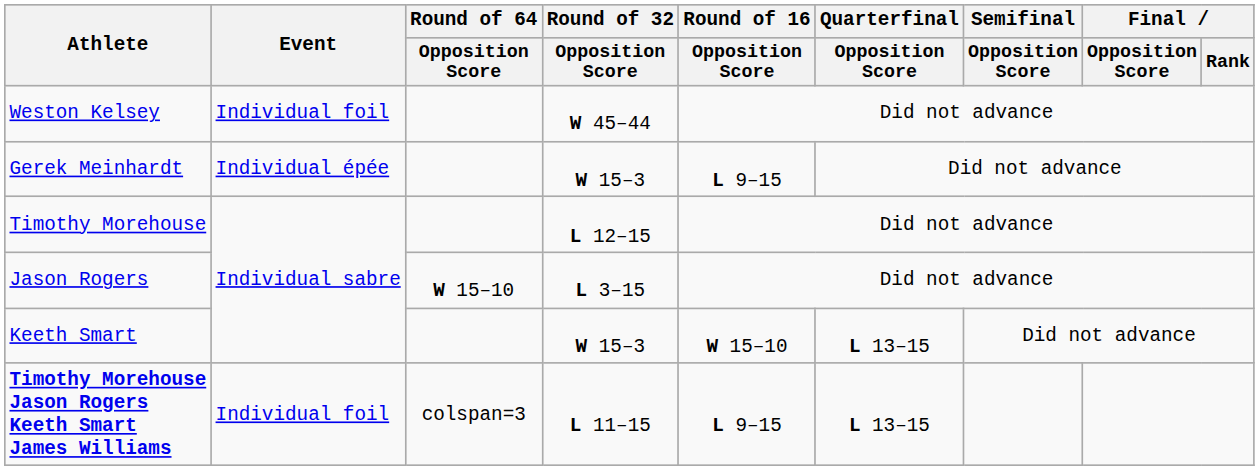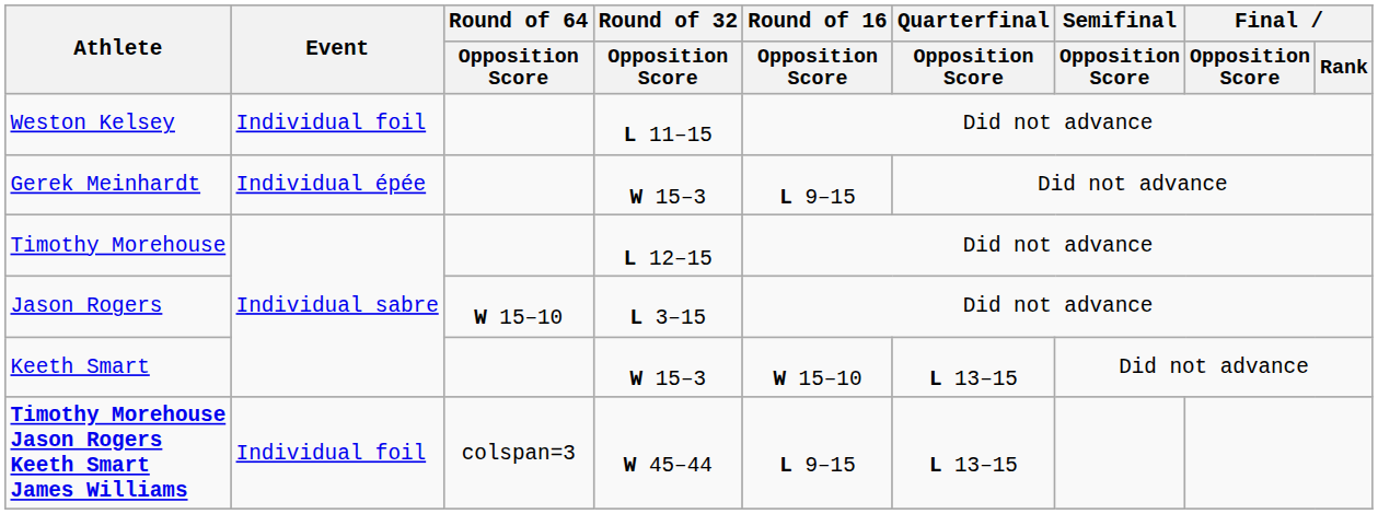 <table class=wikitable style=font-size:90%;text-align:center>
 <tr>
 <th rowspan=2>Athlete</th>
 <th rowspan=2>Event</th>
 <th>Round of 64</th>
 <th>Round of 32</th>
 <th>Round of 16</th>
 <th>Quarterfinal</th>
 <th>Semifinal</th>
 <th colspan=2>Final / </th>
 </tr>
 <tr style=font-size:95%>
 <th>Opposition <br> Score</th>
 <th>Opposition <br> Score</th>
 <th>Opposition <br> Score</th>
 <th>Opposition <br> Score</th>
 <th>Opposition <br> Score</th>
 <th>Opposition <br> Score</th>
 <th>Rank</th>
 </tr>
 <tr>
 <td align=left><a href='#'>Weston Kelsey</a></td>
 <td align=left><a href='#'>Individual foil</a></td>
 <td></td>
-<td><br><strong>W</strong> 45–44</td>
+<td><br><strong>L</strong> 11–15</td>
 <td colspan=5>Did not advance</td>
 </tr>
 <tr>
 <td align=left><a href='#'>Gerek Meinhardt</a></td>
 <td align=left><a href='#'>Individual épée</a></td>
 <td></td>
 <td><br><strong>W</strong> 15–3</td>
 <td><br><strong>L</strong> 9–15</td>
 <td colspan=4>Did not advance</td>
 </tr>
 <tr>
 <td align=left><a href='#'>Timothy Morehouse</a></td>
 <td align=left rowspan=3><a href='#'>Individual sabre</a></td>
 <td></td>
 <td><br><strong>L</strong> 12–15</td>
 <td colspan=5>Did not advance</td>
 </tr>
 <tr>
 <td align=left><a href='#'>Jason Rogers</a></td>
 <td><br><strong>W</strong> 15–10</td>
 <td><br><strong>L</strong> 3–15</td>
 <td colspan=5>Did not advance</td>
 </tr>
 <tr>
 <td align=left><a href='#'>Keeth Smart</a></td>
 <td></td>
 <td><br><strong>W</strong> 15–3</td>
 <td><br><strong>W</strong> 15–10</td>
 <td><br><strong>L</strong> 13–15</td>
 <td colspan=3>Did not advance</td>
 </tr>
 <tr>
 <td align=left><strong><a href='#'>Timothy Morehouse</a><br><a href='#'>Jason Rogers</a><br><a href='#'>Keeth Smart</a><br><a href='#'>James Williams</a></strong></td>
 <td align=left><a href='#'>Individual foil</a></td>
 <td>colspan=3 </td>
-<td><br><strong>L</strong> 11–15</td>
+<td><br><strong>W</strong> 45–44</td>
 <td><br><strong>L</strong> 9–15</td>
 <td><br><strong>L</strong> 13–15</td>
 <td></td>
 </tr>
 </table>
